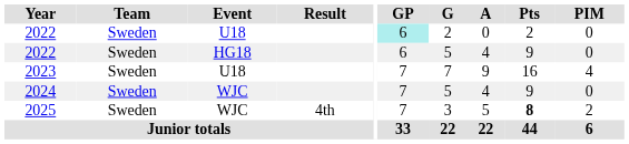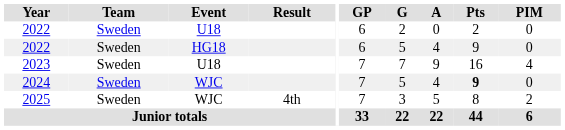 <table border="0" cellpadding="1" cellspacing="0" ID="Table3" style="text-align:center; width:40em">
 <tr bgcolor="#e0e0e0">
 <th>Year</th>
 <th>Team</th>
 <th>Event</th>
 <th>Result</th>
 <th rowspan="99" bgcolor="#ffffff"></th>
 <th>GP</th>
 <th>G</th>
 <th>A</th>
 <th>Pts</th>
 <th>PIM</th>
 </tr>
 <tr>
 <td><a href='#'>2022</a></td>
 <td><a href='#'>Sweden</a></td>
 <td><a href='#'>U18</a></td>
 <td></td>
-<td style="background: paleturquoise;">6</td>
+<td>6</td>
 <td>2</td>
 <td>0</td>
 <td>2</td>
 <td>0</td>
 </tr>
 <tr bgcolor="#f0f0f0">
 <td><a href='#'>2022</a></td>
 <td>Sweden</td>
 <td><a href='#'>HG18</a></td>
 <td></td>
 <td>6</td>
 <td>5</td>
 <td>4</td>
 <td>9</td>
 <td>0</td>
 </tr>
 <tr>
 <td><a href='#'>2023</a></td>
 <td>Sweden</td>
 <td>U18</td>
 <td></td>
 <td>7</td>
 <td>7</td>
 <td>9</td>
 <td>16</td>
 <td>4</td>
 </tr>
 <tr bgcolor="#f0f0f0">
 <td><a href='#'>2024</a></td>
 <td><a href='#'>Sweden</a></td>
 <td><a href='#'>WJC</a></td>
 <td></td>
 <td>7</td>
 <td>5</td>
 <td>4</td>
-<td>9</td>
+<td><strong>9</strong></td>
 <td>0</td>
 </tr>
 <tr>
 <td><a href='#'>2025</a></td>
 <td>Sweden</td>
 <td>WJC</td>
 <td>4th</td>
 <td>7</td>
 <td>3</td>
 <td>5</td>
-<td><strong>8</strong></td>
+<td>8</td>
 <td>2</td>
 </tr>
 <tr bgcolor="#e0e0e0">
 <th colspan="4">Junior totals</th>
 <th>33</th>
 <th>22</th>
 <th>22</th>
 <th>44</th>
 <th>6</th>
 </tr>
 </table>
